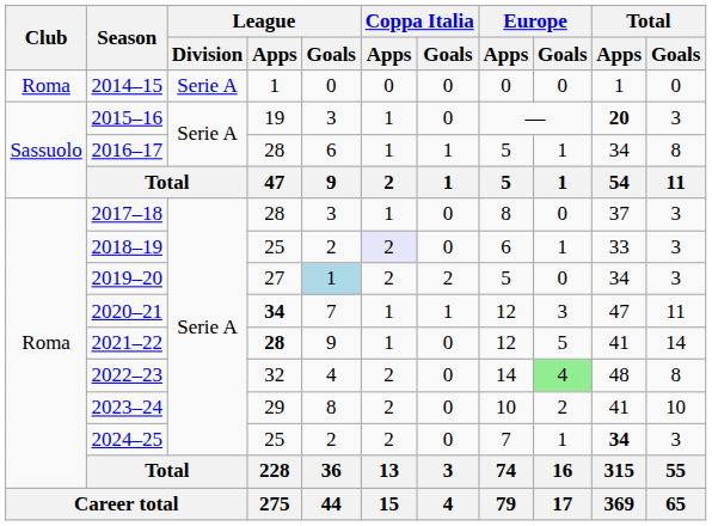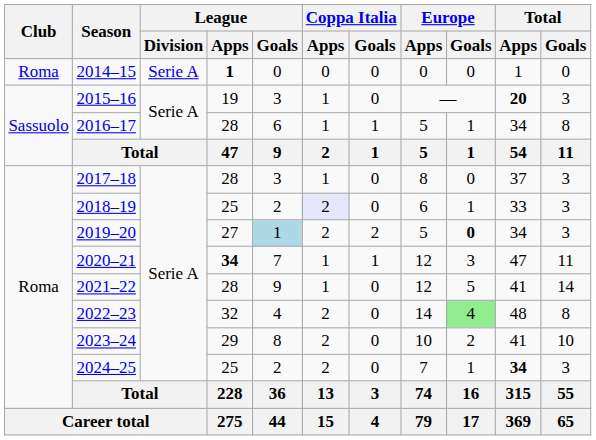 <table class="wikitable" style="text-align: center;">
 <tr>
 <th rowspan=2>Club</th>
 <th rowspan=2>Season</th>
 <th colspan=3>League</th>
 <th colspan=2><a href='#'>Coppa Italia</a></th>
 <th colspan=2><a href='#'>Europe</a></th>
 <th colspan=2>Total</th>
 </tr>
 <tr>
 <th>Division</th>
 <th>Apps</th>
 <th>Goals</th>
 <th>Apps</th>
 <th>Goals</th>
 <th>Apps</th>
 <th>Goals</th>
 <th>Apps</th>
 <th>Goals</th>
 </tr>
 <tr>
 <td><a href='#'>Roma</a></td>
 <td><a href='#'>2014–15</a></td>
 <td><a href='#'>Serie A</a></td>
-<td>1</td>
+<td><strong>1</strong></td>
 <td>0</td>
 <td>0</td>
 <td>0</td>
 <td>0</td>
 <td>0</td>
 <td>1</td>
 <td>0</td>
 </tr>
 <tr>
 <td rowspan=3><a href='#'>Sassuolo</a></td>
 <td><a href='#'>2015–16</a></td>
 <td rowspan=2>Serie A</td>
 <td>19</td>
 <td>3</td>
 <td>1</td>
 <td>0</td>
 <td colspan=2>—</td>
 <td><strong>20</strong></td>
 <td>3</td>
 </tr>
 <tr>
 <td><a href='#'>2016–17</a></td>
 <td>28</td>
 <td>6</td>
 <td>1</td>
 <td>1</td>
 <td>5</td>
 <td>1</td>
 <td>34</td>
 <td>8</td>
 </tr>
 <tr>
 <th colspan=2>Total</th>
 <th>47</th>
 <th>9</th>
 <th>2</th>
 <th>1</th>
 <th>5</th>
 <th>1</th>
 <th>54</th>
 <th>11</th>
 </tr>
 <tr>
 <td rowspan=9>Roma</td>
 <td><a href='#'>2017–18</a></td>
 <td rowspan=8>Serie A</td>
 <td>28</td>
 <td>3</td>
 <td>1</td>
 <td>0</td>
 <td>8</td>
 <td>0</td>
 <td>37</td>
 <td>3</td>
 </tr>
 <tr>
 <td><a href='#'>2018–19</a></td>
 <td>25</td>
 <td>2</td>
 <td style="background: lavender;">2</td>
 <td>0</td>
 <td>6</td>
 <td>1</td>
 <td>33</td>
 <td>3</td>
 </tr>
 <tr>
 <td><a href='#'>2019–20</a></td>
 <td>27</td>
 <td style="background: lightblue;">1</td>
 <td>2</td>
 <td>2</td>
 <td>5</td>
-<td>0</td>
+<td><strong>0</strong></td>
 <td>34</td>
 <td>3</td>
 </tr>
 <tr>
 <td><a href='#'>2020–21</a></td>
 <td><strong>34</strong></td>
 <td>7</td>
 <td>1</td>
 <td>1</td>
 <td>12</td>
 <td>3</td>
 <td>47</td>
 <td>11</td>
 </tr>
 <tr>
 <td><a href='#'>2021–22</a></td>
-<td><strong>28</strong></td>
+<td>28</td>
 <td>9</td>
 <td>1</td>
 <td>0</td>
 <td>12</td>
 <td>5</td>
 <td>41</td>
 <td>14</td>
 </tr>
 <tr>
 <td><a href='#'>2022–23</a></td>
 <td>32</td>
 <td>4</td>
 <td>2</td>
 <td>0</td>
 <td>14</td>
 <td style="background: lightgreen;">4</td>
 <td>48</td>
 <td>8</td>
 </tr>
 <tr>
 <td><a href='#'>2023–24</a></td>
 <td>29</td>
 <td>8</td>
 <td>2</td>
 <td>0</td>
 <td>10</td>
 <td>2</td>
 <td>41</td>
 <td>10</td>
 </tr>
 <tr>
 <td><a href='#'>2024–25</a></td>
 <td>25</td>
 <td>2</td>
 <td>2</td>
 <td>0</td>
 <td>7</td>
 <td>1</td>
 <td><strong>34</strong></td>
 <td>3</td>
 </tr>
 <tr>
 <th colspan=2>Total</th>
 <th>228</th>
 <th>36</th>
 <th>13</th>
 <th>3</th>
 <th>74</th>
 <th>16</th>
 <th>315</th>
 <th>55</th>
 </tr>
 <tr>
 <th colspan=3>Career total</th>
 <th>275</th>
 <th>44</th>
 <th>15</th>
 <th>4</th>
 <th>79</th>
 <th>17</th>
 <th>369</th>
 <th>65</th>
 </tr>
 </table>
